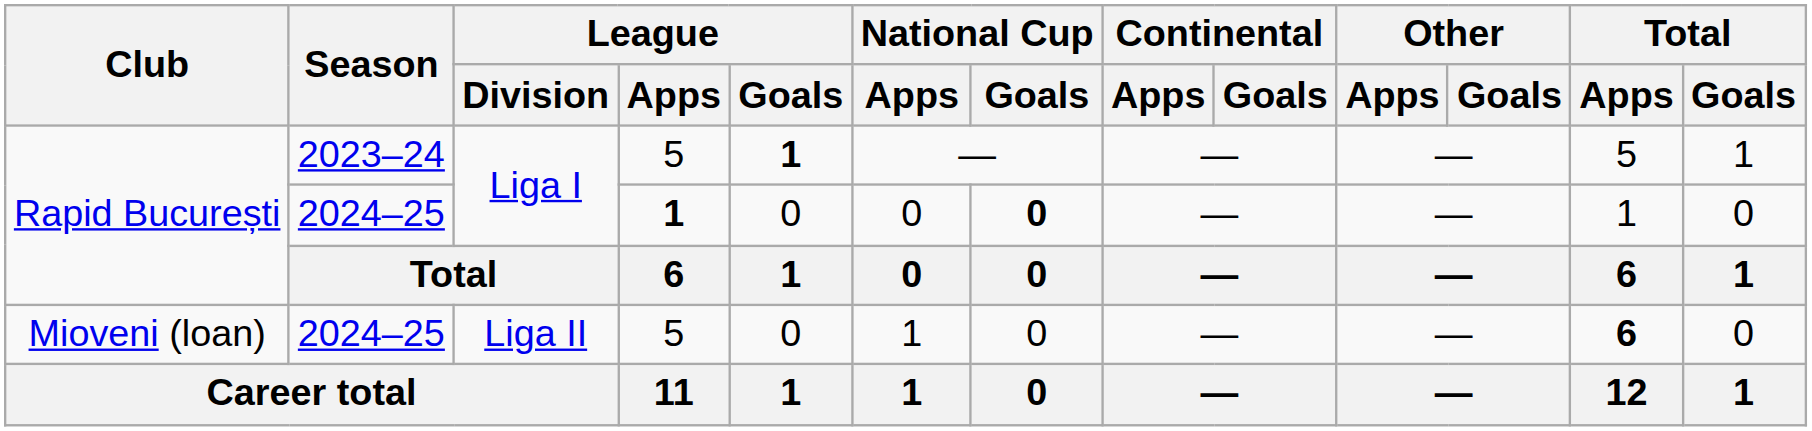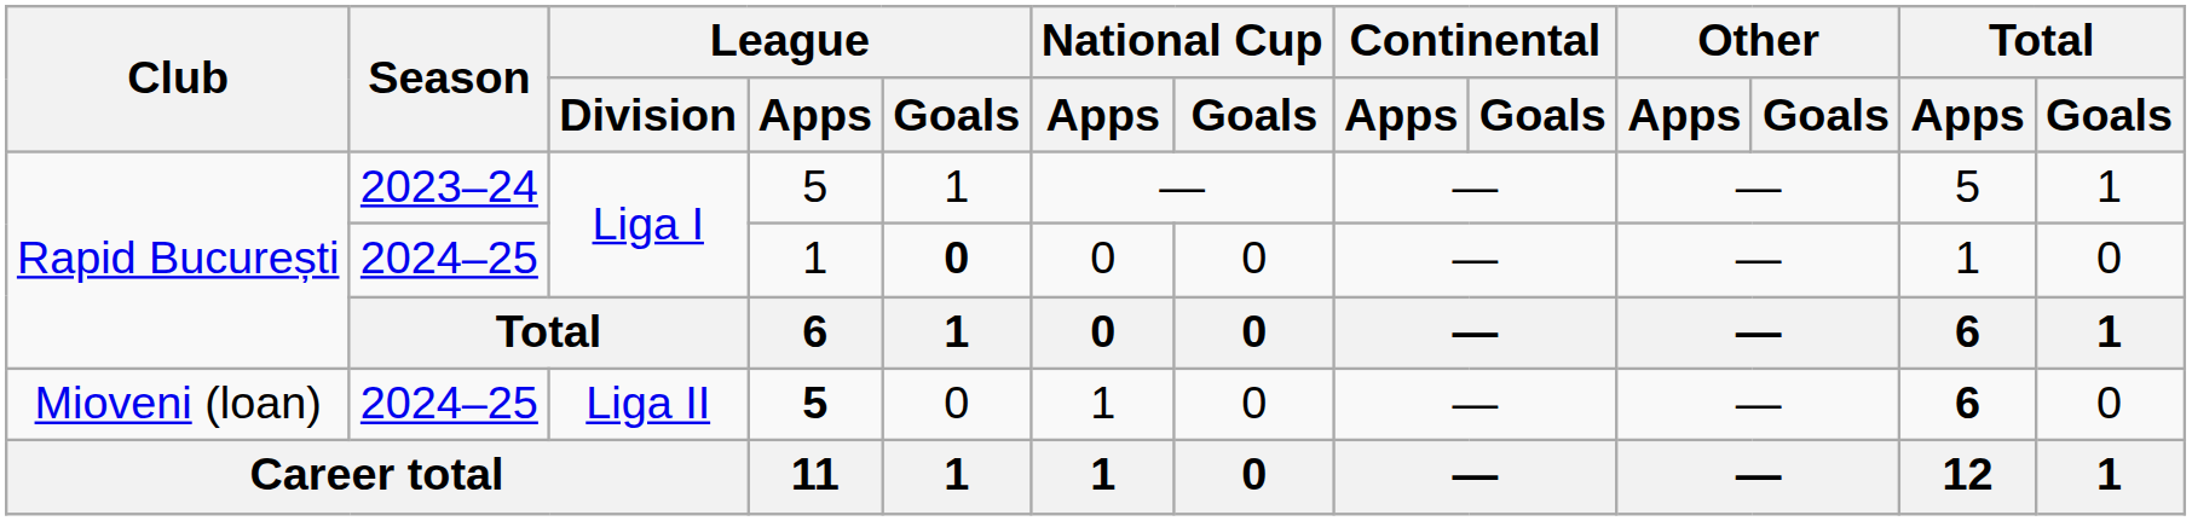 <table class=wikitable style=text-align:center>
 <tr>
 <th rowspan=2>Club</th>
 <th rowspan=2>Season</th>
 <th colspan=3>League</th>
 <th colspan=2>National Cup</th>
 <th colspan=2>Continental</th>
 <th colspan=2>Other</th>
 <th colspan=2>Total</th>
 </tr>
 <tr>
 <th>Division</th>
 <th>Apps</th>
 <th>Goals</th>
 <th>Apps</th>
 <th>Goals</th>
 <th>Apps</th>
 <th>Goals</th>
 <th>Apps</th>
 <th>Goals</th>
 <th>Apps</th>
 <th>Goals</th>
 </tr>
 <tr>
 <td rowspan="3"><a href='#'>Rapid București</a></td>
 <td><a href='#'>2023–24</a></td>
 <td rowspan="2"><a href='#'>Liga I</a></td>
 <td>5</td>
-<td><strong>1</strong></td>
+<td>1</td>
 <td colspan=2>—</td>
 <td colspan=2>—</td>
 <td colspan=2>—</td>
 <td>5</td>
 <td>1</td>
 </tr>
 <tr>
 <td><a href='#'>2024–25</a></td>
-<td><strong>1</strong></td>
+<td>1</td>
+<td><strong>0</strong></td>
 <td>0</td>
 <td>0</td>
-<td><strong>0</strong></td>
 <td colspan=2>—</td>
 <td colspan=2>—</td>
 <td>1</td>
 <td>0</td>
 </tr>
 <tr>
 <th colspan="2">Total</th>
 <th>6</th>
 <th>1</th>
 <th>0</th>
 <th>0</th>
 <th colspan=2>—</th>
 <th colspan=2>—</th>
 <th>6</th>
 <th>1</th>
 </tr>
 <tr>
 <td rowspan="1"><a href='#'>Mioveni</a> (loan)</td>
 <td><a href='#'>2024–25</a></td>
 <td><a href='#'>Liga II</a></td>
-<td>5</td>
+<td><strong>5</strong></td>
 <td>0</td>
 <td>1</td>
 <td>0</td>
 <td colspan=2>—</td>
 <td colspan=2>—</td>
 <td><strong>6</strong></td>
 <td>0</td>
 </tr>
 <tr>
 <th colspan="3">Career total</th>
 <th>11</th>
 <th>1</th>
 <th>1</th>
 <th>0</th>
 <th colspan=2>—</th>
 <th colspan=2>—</th>
 <th>12</th>
 <th>1</th>
 </tr>
 </table>
